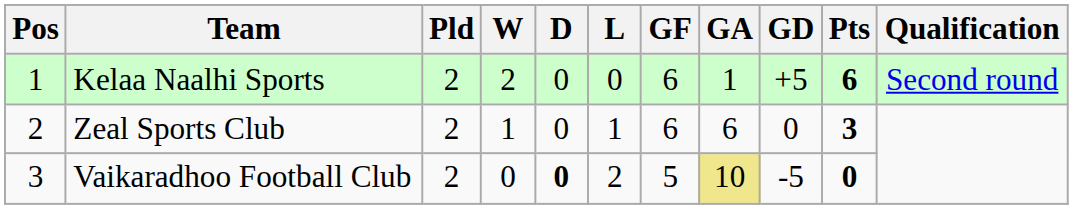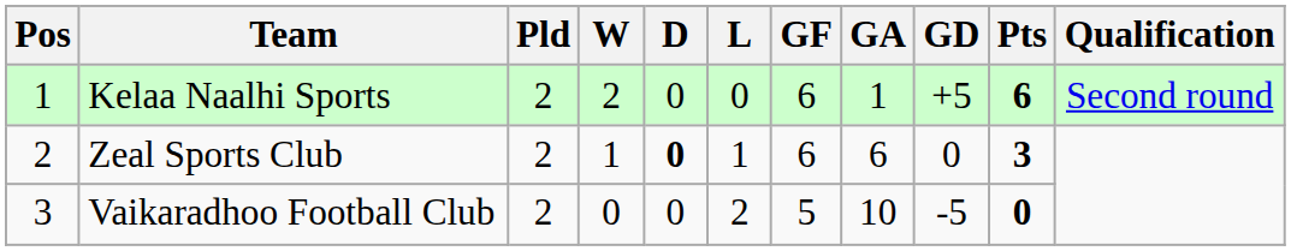 <table class="wikitable" style="text-align:center">
 <tr>
 <th style="width:20px;" abbr="Position">Pos</th>
 <th width=175>Team</th>
 <th style="width:20px;" abbr="Played">Pld</th>
 <th style="width:20px;" abbr="Won">W</th>
 <th style="width:20px;" abbr="Drawn">D</th>
 <th style="width:20px;" abbr="Lost">L</th>
 <th style="width:20px;" abbr="Goals for">GF</th>
 <th style="width:20px;" abbr="Goals against">GA</th>
 <th style="width:20px;" abbr="Goal difference">GD</th>
 <th style="width:20px;" abbr="Points">Pts</th>
 <th style="width:20px;">Qualification</th>
 </tr>
 <tr style="background:#cfc;">
 <td>1</td>
 <td align=left>Kelaa Naalhi Sports</td>
 <td>2</td>
 <td>2</td>
 <td>0</td>
 <td>0</td>
 <td>6</td>
 <td>1</td>
 <td>+5</td>
 <td><strong>6</strong></td>
 <td><a href='#'>Second round</a></td>
 </tr>
 <tr>
 <td>2</td>
 <td align=left>Zeal Sports Club</td>
 <td>2</td>
 <td>1</td>
-<td>0</td>
+<td><strong>0</strong></td>
 <td>1</td>
 <td>6</td>
 <td>6</td>
 <td>0</td>
 <td><strong>3</strong></td>
 </tr>
 <tr>
 <td>3</td>
 <td align=left>Vaikaradhoo Football Club</td>
 <td>2</td>
 <td>0</td>
-<td><strong>0</strong></td>
+<td>0</td>
 <td>2</td>
 <td>5</td>
-<td style="background: khaki;">10</td>
+<td>10</td>
 <td>-5</td>
 <td><strong>0</strong></td>
 </tr>
 </table>
